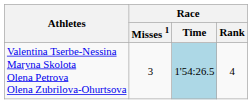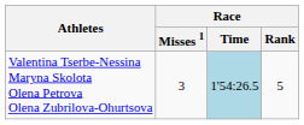 <table class="wikitable" border="1" style="font-size:90%">
 <tr>
 <th rowspan=2>Athletes</th>
 <th colspan=3>Race</th>
 </tr>
 <tr>
 <th>Misses <sup>1</sup></th>
 <th>Time</th>
 <th>Rank</th>
 </tr>
 <tr>
 <td><a href='#'>Valentina Tserbe-Nessina</a><br><a href='#'>Maryna Skolota</a><br><a href='#'>Olena Petrova</a><br><a href='#'>Olena Zubrilova-Ohurtsova</a></td>
 <td align=center>3</td>
 <td align=center style="background: lightblue;">1'54:26.5</td>
-<td align=center>4</td>
+<td align=center>5</td>
 </tr>
 </table>
